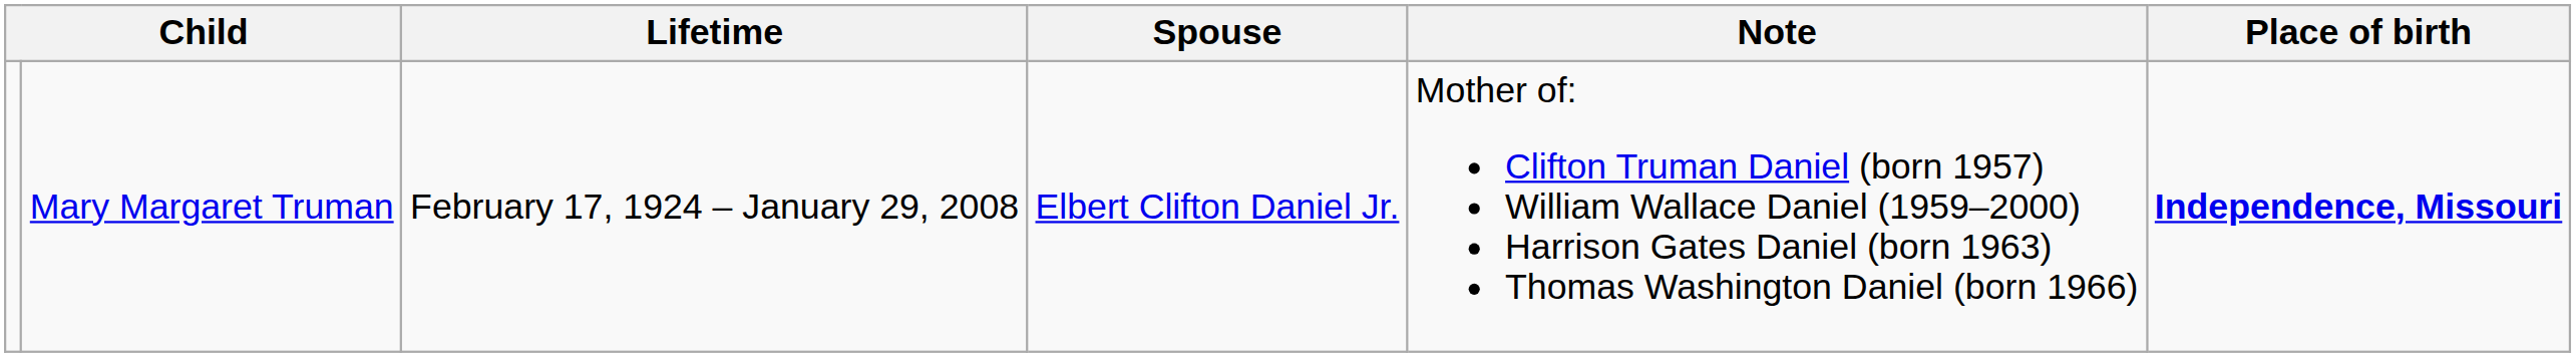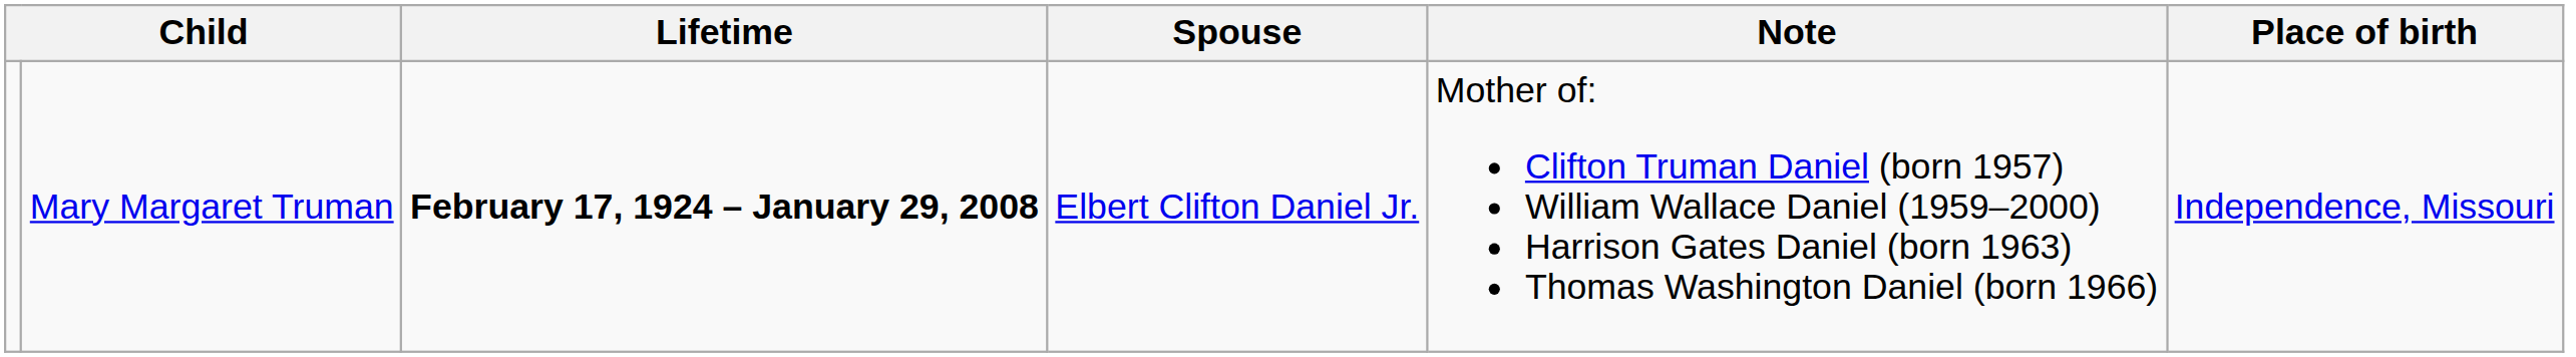 <table class="wikitable">
 <tr>
 <th colspan="2">Child</th>
 <th>Lifetime</th>
 <th>Spouse</th>
 <th>Note</th>
 <th>Place of birth</th>
 </tr>
 <tr>
 <td></td>
 <td><a href='#'>Mary Margaret Truman</a></td>
-<td>February 17, 1924 – January 29, 2008</td>
+<td><strong>February 17, 1924 – January 29, 2008</strong></td>
 <td><a href='#'>Elbert Clifton Daniel Jr.</a></td>
 <td>Mother of:<br><ul><li><a href='#'>Clifton Truman Daniel</a> (born 1957)</li><li>William Wallace Daniel (1959–2000)</li><li>Harrison Gates Daniel (born 1963)</li><li>Thomas Washington Daniel (born 1966)</li></ul></td>
-<td><strong><a href='#'>Independence, Missouri</a></strong></td>
+<td><a href='#'>Independence, Missouri</a></td>
 </tr>
 </table>
